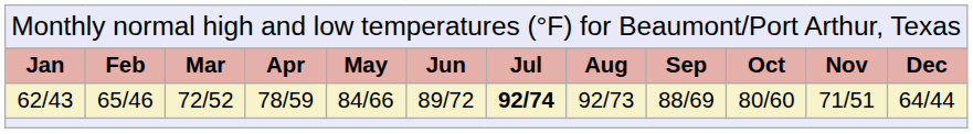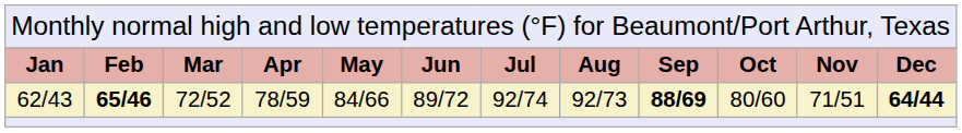 <table class="wikitable" "text-align:center;font-size:90%;"|>
 <tr>
 <td colspan="13" style="text-align:center;font-size:120%;background:#E8EAFA;">Monthly normal high and low temperatures (°F) for Beaumont/Port Arthur, Texas</td>
 </tr>
 <tr>
 <th style="background: #E5AFAA; color:#000000;">Jan</th>
 <th style="background: #E5AFAA; color:#000000;">Feb</th>
 <th style="background: #E5AFAA; color:#000000;">Mar</th>
 <th style="background: #E5AFAA; color:#000000;">Apr</th>
 <th style="background: #E5AFAA; color:#000000;">May</th>
 <th style="background: #E5AFAA; color:#000000;">Jun</th>
 <th style="background: #E5AFAA; color:#000000;">Jul</th>
 <th style="background: #E5AFAA; color:#000000;">Aug</th>
 <th style="background: #E5AFAA; color:#000000;">Sep</th>
 <th style="background: #E5AFAA; color:#000000;">Oct</th>
 <th style="background: #E5AFAA; color:#000000;">Nov</th>
 <th style="background: #E5AFAA; color:#000000;">Dec</th>
 </tr>
 <tr>
 <td style="text-align:center; background: #F8F3CA; color:#000000;">62/43</td>
-<td style="text-align:center; background: #F8F3CA; color:#000000;">65/46</td>
+<td style="text-align:center; background: #F8F3CA; color:#000000;"><strong>65/46</strong></td>
 <td style="text-align:center; background: #F8F3CA; color:#000000;">72/52</td>
 <td style="text-align:center; background: #F8F3CA; color:#000000;">78/59</td>
 <td style="text-align:center; background: #F8F3CA; color:#000000;">84/66</td>
 <td style="text-align:center; background: #F8F3CA; color:#000000;">89/72</td>
-<td style="text-align:center; background: #F8F3CA; color:#000000;"><strong>92/74</strong></td>
+<td style="text-align:center; background: #F8F3CA; color:#000000;">92/74</td>
 <td style="text-align:center; background: #F8F3CA; color:#000000;">92/73</td>
-<td style="text-align:center; background: #F8F3CA; color:#000000;">88/69</td>
+<td style="text-align:center; background: #F8F3CA; color:#000000;"><strong>88/69</strong></td>
 <td style="text-align:center; background: #F8F3CA; color:#000000;">80/60</td>
 <td style="text-align:center; background: #F8F3CA; color:#000000;">71/51</td>
-<td style="text-align:center; background: #F8F3CA; color:#000000;">64/44</td>
+<td style="text-align:center; background: #F8F3CA; color:#000000;"><strong>64/44</strong></td>
 </tr>
 <tr>
 <td colspan="13" style="text-align:center;font-size:90%;background:#E8EAFA;"><em></em></td>
 </tr>
 </table>
